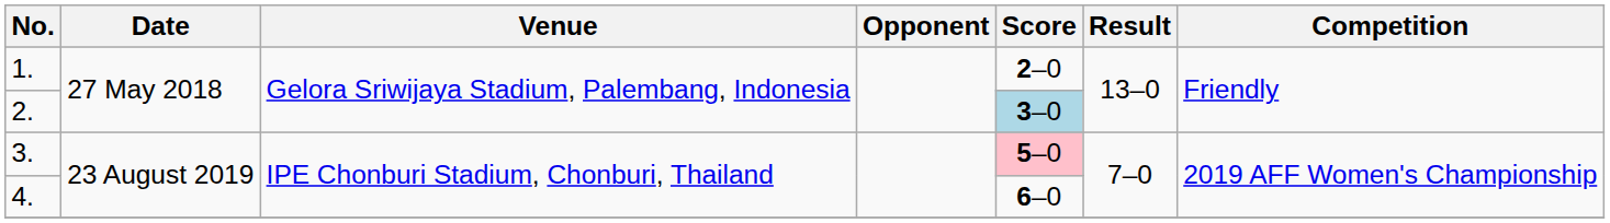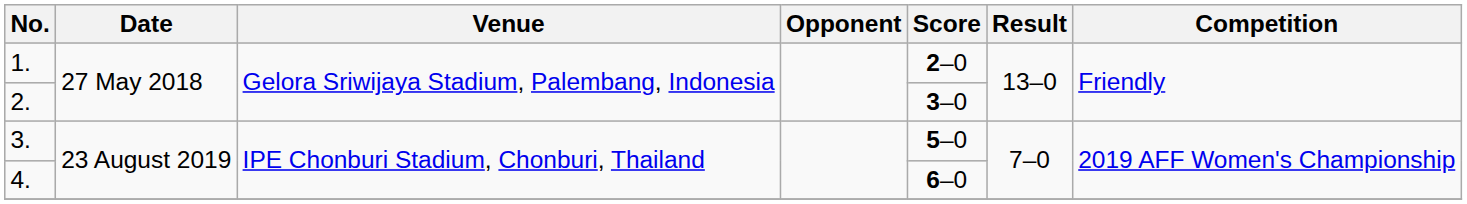 <table class="wikitable">
 <tr>
 <th>No.</th>
 <th>Date</th>
 <th>Venue</th>
 <th>Opponent</th>
 <th>Score</th>
 <th>Result</th>
 <th>Competition</th>
 </tr>
 <tr>
 <td>1.</td>
 <td rowspan=2>27 May 2018</td>
 <td rowspan=2><a href='#'>Gelora Sriwijaya Stadium</a>, <a href='#'>Palembang</a>, <a href='#'>Indonesia</a></td>
 <td rowspan=2></td>
 <td align=center><strong>2</strong>–0</td>
 <td rowspan=2 align=center>13–0</td>
 <td rowspan=2><a href='#'>Friendly</a></td>
 </tr>
 <tr>
 <td>2.</td>
-<td align=center style="background: lightblue;"><strong>3</strong>–0</td>
+<td align=center><strong>3</strong>–0</td>
 </tr>
 <tr>
 <td>3.</td>
 <td rowspan=2>23 August 2019</td>
 <td rowspan=2><a href='#'>IPE Chonburi Stadium</a>, <a href='#'>Chonburi</a>, <a href='#'>Thailand</a></td>
 <td rowspan="2"></td>
-<td align=center style="background: pink;"><strong>5</strong>–0</td>
+<td align=center><strong>5</strong>–0</td>
 <td rowspan="2" align=center>7–0</td>
 <td rowspan="2"><a href='#'>2019 AFF Women's Championship</a></td>
 </tr>
 <tr>
 <td>4.</td>
 <td align=center><strong>6</strong>–0</td>
 </tr>
 <tr>
 </tr>
 </table>
